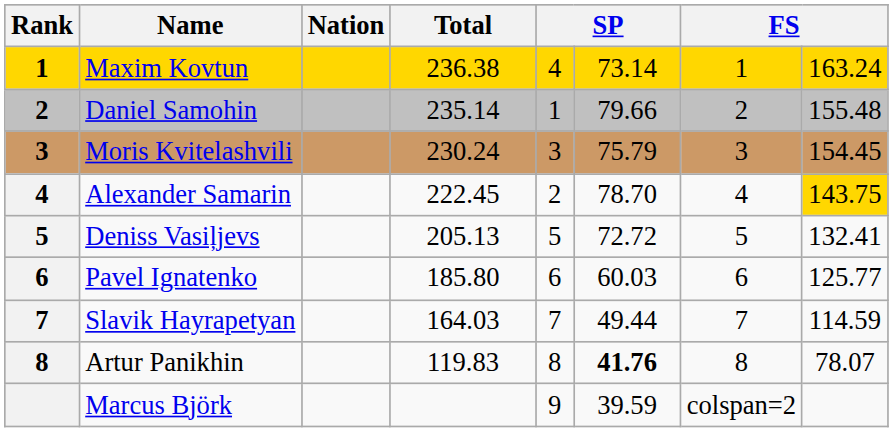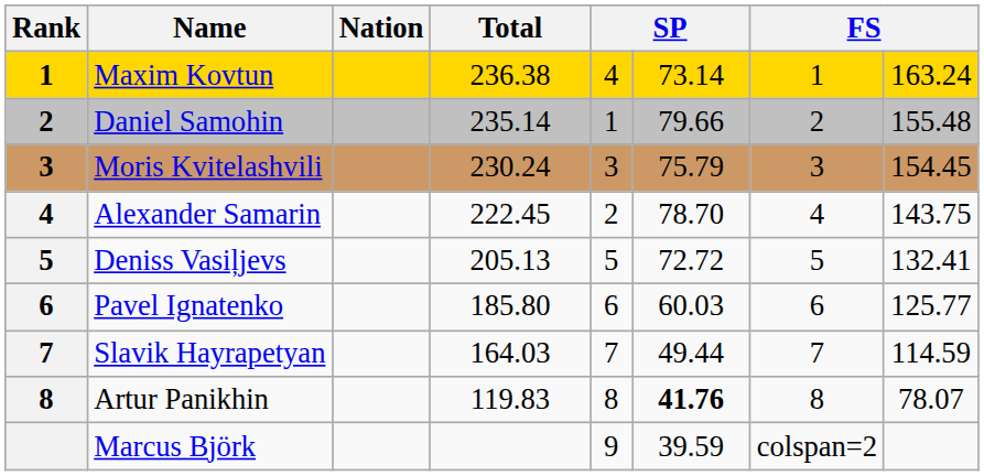 <table class="wikitable sortable">
 <tr>
 <th>Rank</th>
 <th>Name</th>
 <th>Nation</th>
 <th width="80px">Total</th>
 <th colspan="2" width="80px"><a href='#'>SP</a></th>
 <th colspan="2" width="80px"><a href='#'>FS</a></th>
 </tr>
 <tr bgcolor="gold">
 <td align="center"><strong>1</strong></td>
 <td><a href='#'>Maxim Kovtun</a></td>
 <td></td>
 <td align="center">236.38</td>
 <td align="center">4</td>
 <td align="center">73.14</td>
 <td align="center">1</td>
 <td align="center">163.24</td>
 </tr>
 <tr bgcolor="silver">
 <td align="center"><strong>2</strong></td>
 <td><a href='#'>Daniel Samohin</a></td>
 <td></td>
 <td align="center">235.14</td>
 <td align="center">1</td>
 <td align="center">79.66</td>
 <td align="center">2</td>
 <td align="center">155.48</td>
 </tr>
 <tr bgcolor="cc9966">
 <td align="center"><strong>3</strong></td>
 <td><a href='#'>Moris Kvitelashvili</a></td>
 <td></td>
 <td align="center">230.24</td>
 <td align="center">3</td>
 <td align="center">75.79</td>
 <td align="center">3</td>
 <td align="center">154.45</td>
 </tr>
 <tr>
 <th>4</th>
 <td><a href='#'>Alexander Samarin</a></td>
 <td></td>
 <td align="center">222.45</td>
 <td align="center">2</td>
 <td align="center">78.70</td>
 <td align="center">4</td>
-<td align="center" style="background: gold;">143.75</td>
+<td align="center">143.75</td>
 </tr>
 <tr>
 <th>5</th>
 <td><a href='#'>Deniss Vasiļjevs</a></td>
 <td></td>
 <td align="center">205.13</td>
 <td align="center">5</td>
 <td align="center">72.72</td>
 <td align="center">5</td>
 <td align="center">132.41</td>
 </tr>
 <tr>
 <th>6</th>
 <td><a href='#'>Pavel Ignatenko</a></td>
 <td></td>
 <td align="center">185.80</td>
 <td align="center">6</td>
 <td align="center">60.03</td>
 <td align="center">6</td>
 <td align="center">125.77</td>
 </tr>
 <tr>
 <th>7</th>
 <td><a href='#'>Slavik Hayrapetyan</a></td>
 <td></td>
 <td align="center">164.03</td>
 <td align="center">7</td>
 <td align="center">49.44</td>
 <td align="center">7</td>
 <td align="center">114.59</td>
 </tr>
 <tr>
 <th>8</th>
 <td>Artur Panikhin</td>
 <td></td>
 <td align="center">119.83</td>
 <td align="center">8</td>
 <td align="center"><strong>41.76</strong></td>
 <td align="center">8</td>
 <td align="center">78.07</td>
 </tr>
 <tr>
 <th></th>
 <td><a href='#'>Marcus Björk</a></td>
 <td></td>
 <td></td>
 <td align="center">9</td>
 <td align="center">39.59</td>
 <td>colspan=2 </td>
 </tr>
 </table>
